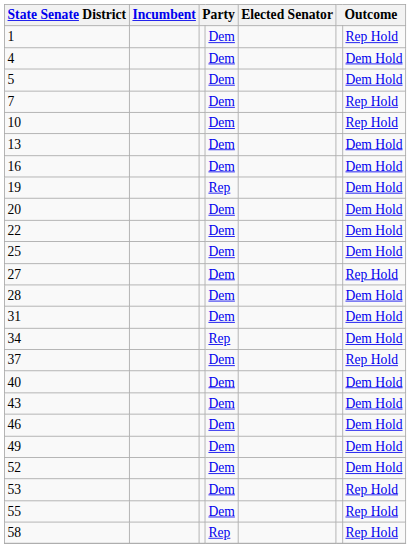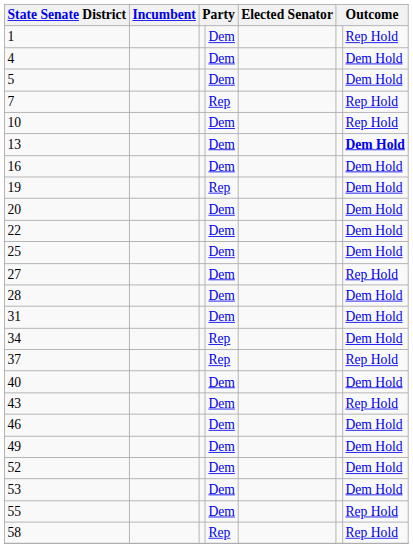 <table class="wikitable sortable">
 <tr>
 <th><a href='#'>State Senate</a> District</th>
 <th><a href='#'>Incumbent</a></th>
 <th colspan="2">Party</th>
 <th>Elected Senator</th>
 <th colspan="2">Outcome</th>
 </tr>
 <tr>
 <td>1</td>
 <td></td>
 <td style="background:"></td>
 <td><a href='#'>Dem</a></td>
 <td></td>
 <td style="background:"></td>
 <td><a href='#'>Rep Hold</a></td>
 </tr>
 <tr>
 <td>4</td>
 <td></td>
 <td style="background:"></td>
 <td><a href='#'>Dem</a></td>
 <td></td>
 <td style="background:"></td>
 <td><a href='#'>Dem Hold</a></td>
 </tr>
 <tr>
 <td>5</td>
 <td></td>
 <td style="background:"></td>
 <td><a href='#'>Dem</a></td>
 <td></td>
 <td style="background:"></td>
 <td><a href='#'>Dem Hold</a></td>
 </tr>
 <tr>
 <td>7</td>
 <td></td>
 <td style="background:"></td>
-<td><a href='#'>Dem</a></td>
+<td><a href='#'>Rep</a></td>
 <td></td>
 <td style="background:"></td>
 <td><a href='#'>Rep Hold</a></td>
 </tr>
 <tr>
 <td>10</td>
 <td></td>
 <td style="background:"></td>
 <td><a href='#'>Dem</a></td>
 <td></td>
 <td style="background:"></td>
 <td><a href='#'>Rep Hold</a></td>
 </tr>
 <tr>
 <td>13</td>
 <td></td>
 <td style="background:"></td>
 <td><a href='#'>Dem</a></td>
 <td></td>
 <td style="background:"></td>
-<td><a href='#'>Dem Hold</a></td>
+<td><strong><a href='#'>Dem Hold</a></strong></td>
 </tr>
 <tr>
 <td>16</td>
 <td></td>
 <td style="background:"></td>
 <td><a href='#'>Dem</a></td>
 <td></td>
 <td style="background:"></td>
 <td><a href='#'>Dem Hold</a></td>
 </tr>
 <tr>
 <td>19</td>
 <td></td>
 <td style="background:"></td>
 <td><a href='#'>Rep</a></td>
 <td></td>
 <td style="background:"></td>
 <td><a href='#'>Dem Hold</a></td>
 </tr>
 <tr>
 <td>20</td>
 <td></td>
 <td style="background:"></td>
 <td><a href='#'>Dem</a></td>
 <td><em></em></td>
 <td style="background:"></td>
 <td><a href='#'>Dem Hold</a></td>
 </tr>
 <tr>
 <td>22</td>
 <td></td>
 <td style="background:"></td>
 <td><a href='#'>Dem</a></td>
 <td></td>
 <td style="background:"></td>
 <td><a href='#'>Dem Hold</a></td>
 </tr>
 <tr>
 <td>25</td>
 <td></td>
 <td style="background:"></td>
 <td><a href='#'>Dem</a></td>
 <td></td>
 <td style="background:"></td>
 <td><a href='#'>Dem Hold</a></td>
 </tr>
 <tr>
 <td>27</td>
 <td></td>
 <td style="background:"></td>
 <td><a href='#'>Dem</a></td>
 <td></td>
 <td style="background:"></td>
 <td><a href='#'>Rep Hold</a></td>
 </tr>
 <tr>
 <td>28</td>
 <td></td>
 <td style="background:"></td>
 <td><a href='#'>Dem</a></td>
 <td></td>
 <td style="background:"></td>
 <td><a href='#'>Dem Hold</a></td>
 </tr>
 <tr>
 <td>31</td>
 <td></td>
 <td style="background:"></td>
 <td><a href='#'>Dem</a></td>
 <td></td>
 <td style="background:"></td>
 <td><a href='#'>Dem Hold</a></td>
 </tr>
 <tr>
 <td>34</td>
 <td></td>
 <td style="background:"></td>
 <td><a href='#'>Rep</a></td>
 <td></td>
 <td style="background:"></td>
 <td><a href='#'>Dem Hold</a></td>
 </tr>
 <tr>
 <td>37</td>
 <td></td>
 <td style="background:"></td>
-<td><a href='#'>Dem</a></td>
+<td><a href='#'>Rep</a></td>
 <td><em></em></td>
 <td style="background:"></td>
 <td><a href='#'>Rep Hold</a></td>
 </tr>
 <tr>
 <td>40</td>
 <td></td>
 <td style="background:"></td>
 <td><a href='#'>Dem</a></td>
 <td></td>
 <td style="background:"></td>
 <td><a href='#'>Dem Hold</a></td>
 </tr>
 <tr>
 <td>43</td>
 <td></td>
 <td style="background:"></td>
 <td><a href='#'>Dem</a></td>
 <td></td>
 <td style="background:"></td>
-<td><a href='#'>Dem Hold</a></td>
+<td><a href='#'>Rep Hold</a></td>
 </tr>
 <tr>
 <td>46</td>
 <td></td>
 <td style="background:"></td>
 <td><a href='#'>Dem</a></td>
 <td></td>
 <td style="background:"></td>
 <td><a href='#'>Dem Hold</a></td>
 </tr>
 <tr>
 <td>49</td>
 <td></td>
 <td style="background:"></td>
 <td><a href='#'>Dem</a></td>
 <td></td>
 <td style="background:"></td>
 <td><a href='#'>Dem Hold</a></td>
 </tr>
 <tr>
 <td>52</td>
 <td></td>
 <td style="background:"></td>
 <td><a href='#'>Dem</a></td>
 <td></td>
 <td style="background:"></td>
 <td><a href='#'>Dem Hold</a></td>
 </tr>
 <tr>
 <td>53</td>
 <td></td>
 <td style="background:"></td>
 <td><a href='#'>Dem</a></td>
 <td><em></em></td>
 <td style="background:"></td>
-<td><a href='#'>Rep Hold</a></td>
+<td><a href='#'>Dem Hold</a></td>
 </tr>
 <tr>
 <td>55</td>
 <td></td>
 <td style="background:"></td>
 <td><a href='#'>Dem</a></td>
 <td></td>
 <td style="background:"></td>
 <td><a href='#'>Rep Hold</a></td>
 </tr>
 <tr>
 <td>58</td>
 <td></td>
 <td style="background:"></td>
 <td><a href='#'>Rep</a></td>
 <td></td>
 <td style="background:"></td>
 <td><a href='#'>Rep Hold</a></td>
 </tr>
 <tr>
 </tr>
 </table>
